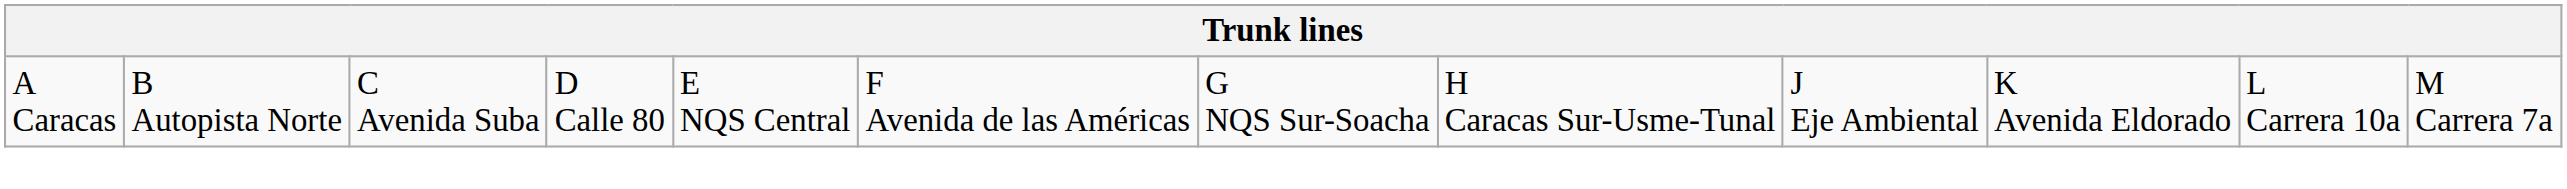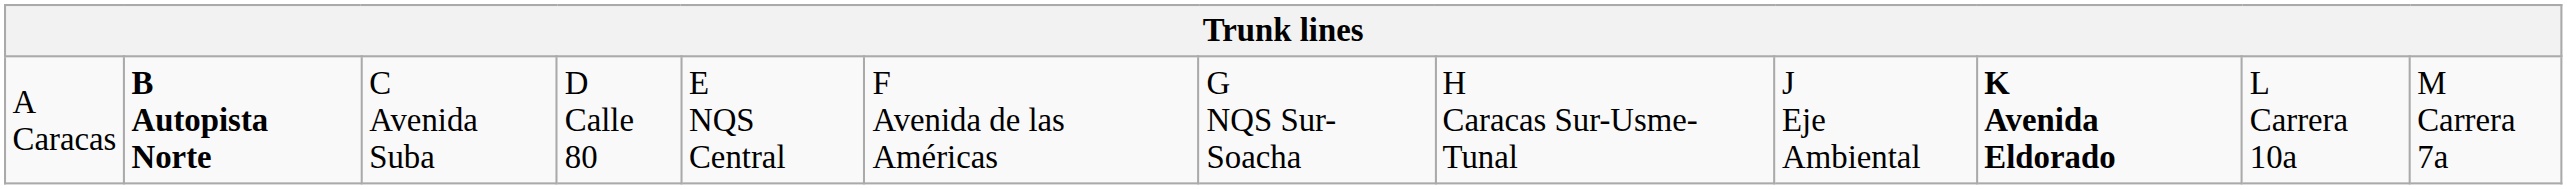 <table class="wikitable">
 <tr>
 <th colspan="12">Trunk lines</th>
 </tr>
 <tr>
 <td>A<br>Caracas</td>
-<td>B<br>Autopista Norte</td>
+<td><strong>B<br>Autopista Norte</strong></td>
 <td>C<br>Avenida Suba</td>
 <td>D<br>Calle 80</td>
 <td>E<br>NQS Central</td>
 <td>F<br>Avenida de las Américas</td>
 <td>G<br>NQS Sur-Soacha</td>
 <td>H<br>Caracas Sur-Usme-Tunal</td>
 <td>J<br>Eje Ambiental</td>
-<td>K<br>Avenida Eldorado</td>
+<td><strong>K<br>Avenida Eldorado</strong></td>
 <td>L<br>Carrera 10a</td>
 <td>M<br>Carrera 7a</td>
 </tr>
 </table>
